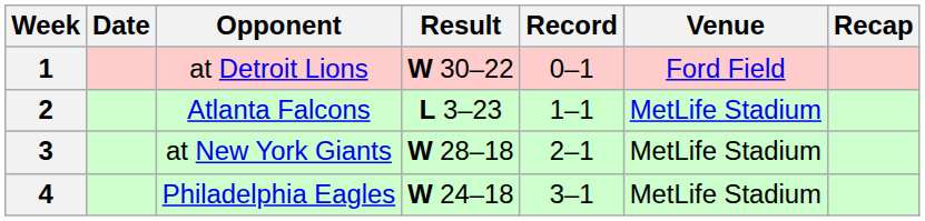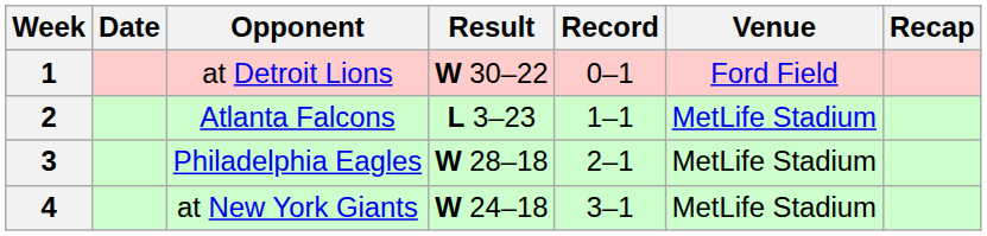 <table class="wikitable" style="text-align:center">
 <tr>
 <th>Week</th>
 <th>Date</th>
 <th>Opponent</th>
 <th>Result</th>
 <th>Record</th>
 <th>Venue</th>
 <th>Recap</th>
 </tr>
 <tr style="background:#fcc">
 <th>1</th>
 <td></td>
 <td>at <a href='#'>Detroit Lions</a></td>
 <td><strong>W</strong> 30–22</td>
 <td>0–1</td>
 <td><a href='#'>Ford Field</a></td>
 <td></td>
 </tr>
 <tr style="background:#cfc">
 <th>2</th>
 <td></td>
 <td><a href='#'>Atlanta Falcons</a></td>
 <td><strong>L</strong> 3–23</td>
 <td>1–1</td>
 <td><a href='#'>MetLife Stadium</a></td>
 <td></td>
 </tr>
 <tr style="background:#cfc">
 <th>3</th>
 <td></td>
-<td>at <a href='#'>New York Giants</a></td>
+<td><a href='#'>Philadelphia Eagles</a></td>
 <td><strong>W</strong> 28–18</td>
 <td>2–1</td>
 <td>MetLife Stadium</td>
 <td></td>
 </tr>
 <tr style="background:#cfc">
 <th>4</th>
 <td></td>
-<td><a href='#'>Philadelphia Eagles</a></td>
+<td>at <a href='#'>New York Giants</a></td>
 <td><strong>W</strong> 24–18</td>
 <td>3–1</td>
 <td>MetLife Stadium</td>
 <td></td>
 </tr>
 </table>
